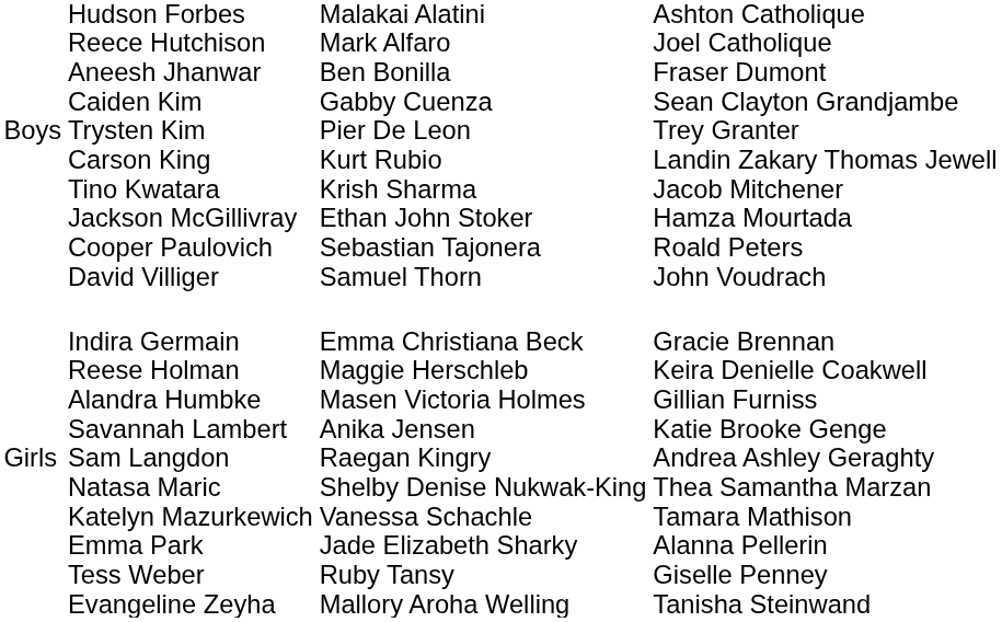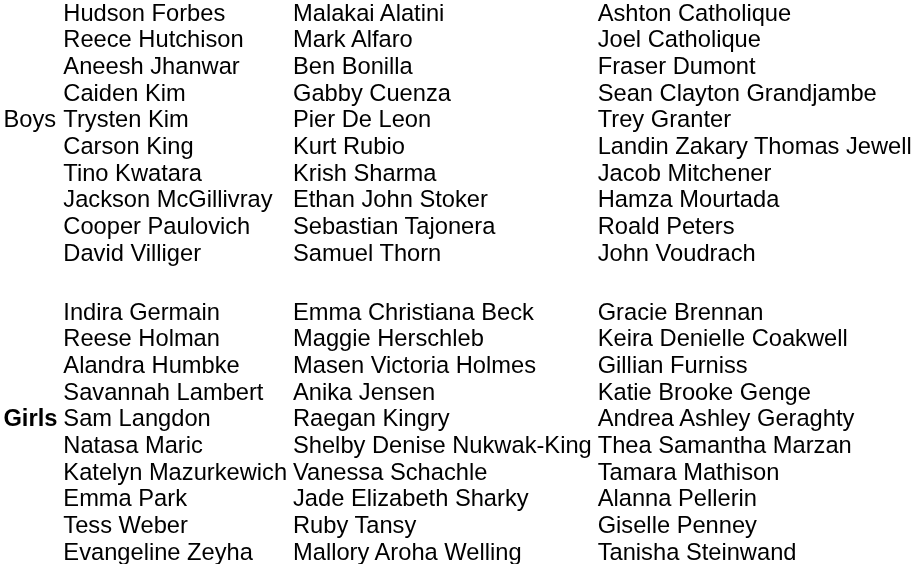 <table>
 <tr>
 <td>Boys</td>
 <td><br>Hudson Forbes<br>Reece Hutchison<br>Aneesh Jhanwar<br>Caiden Kim<br>Trysten Kim<br>Carson King<br>Tino Kwatara<br>Jackson McGillivray<br>Cooper Paulovich<br>David Villiger</td>
 <td><br>Malakai Alatini<br>Mark Alfaro<br>Ben Bonilla<br>Gabby Cuenza<br>Pier De Leon<br>Kurt Rubio<br>Krish Sharma<br>Ethan John Stoker<br>Sebastian Tajonera<br>Samuel Thorn</td>
 <td nowrap><br>Ashton Catholique<br>Joel Catholique<br>Fraser Dumont<br>Sean Clayton Grandjambe<br>Trey Granter<br>Landin Zakary Thomas Jewell<br>Jacob Mitchener<br>Hamza Mourtada<br>Roald Peters<br>John Voudrach</td>
 </tr>
 <tr>
-<td>Girls</td>
+<td><strong>Girls</strong></td>
 <td nowrap><br>Indira Germain<br>Reese Holman<br>Alandra Humbke<br>Savannah Lambert<br>Sam Langdon<br>Natasa Maric<br>Katelyn Mazurkewich<br>Emma Park<br>Tess Weber<br>Evangeline Zeyha</td>
 <td nowrap><br>Emma Christiana Beck<br>Maggie Herschleb<br>Masen Victoria Holmes<br>Anika Jensen<br>Raegan Kingry<br>Shelby Denise Nukwak-King<br>Vanessa Schachle<br>Jade Elizabeth Sharky<br>Ruby Tansy<br>Mallory Aroha Welling</td>
 <td><br>Gracie Brennan<br>Keira Denielle Coakwell<br>Gillian Furniss<br>Katie Brooke Genge<br>Andrea Ashley Geraghty<br>Thea Samantha Marzan<br>Tamara Mathison<br>Alanna Pellerin<br>Giselle Penney<br>Tanisha Steinwand</td>
 </tr>
 </table>
